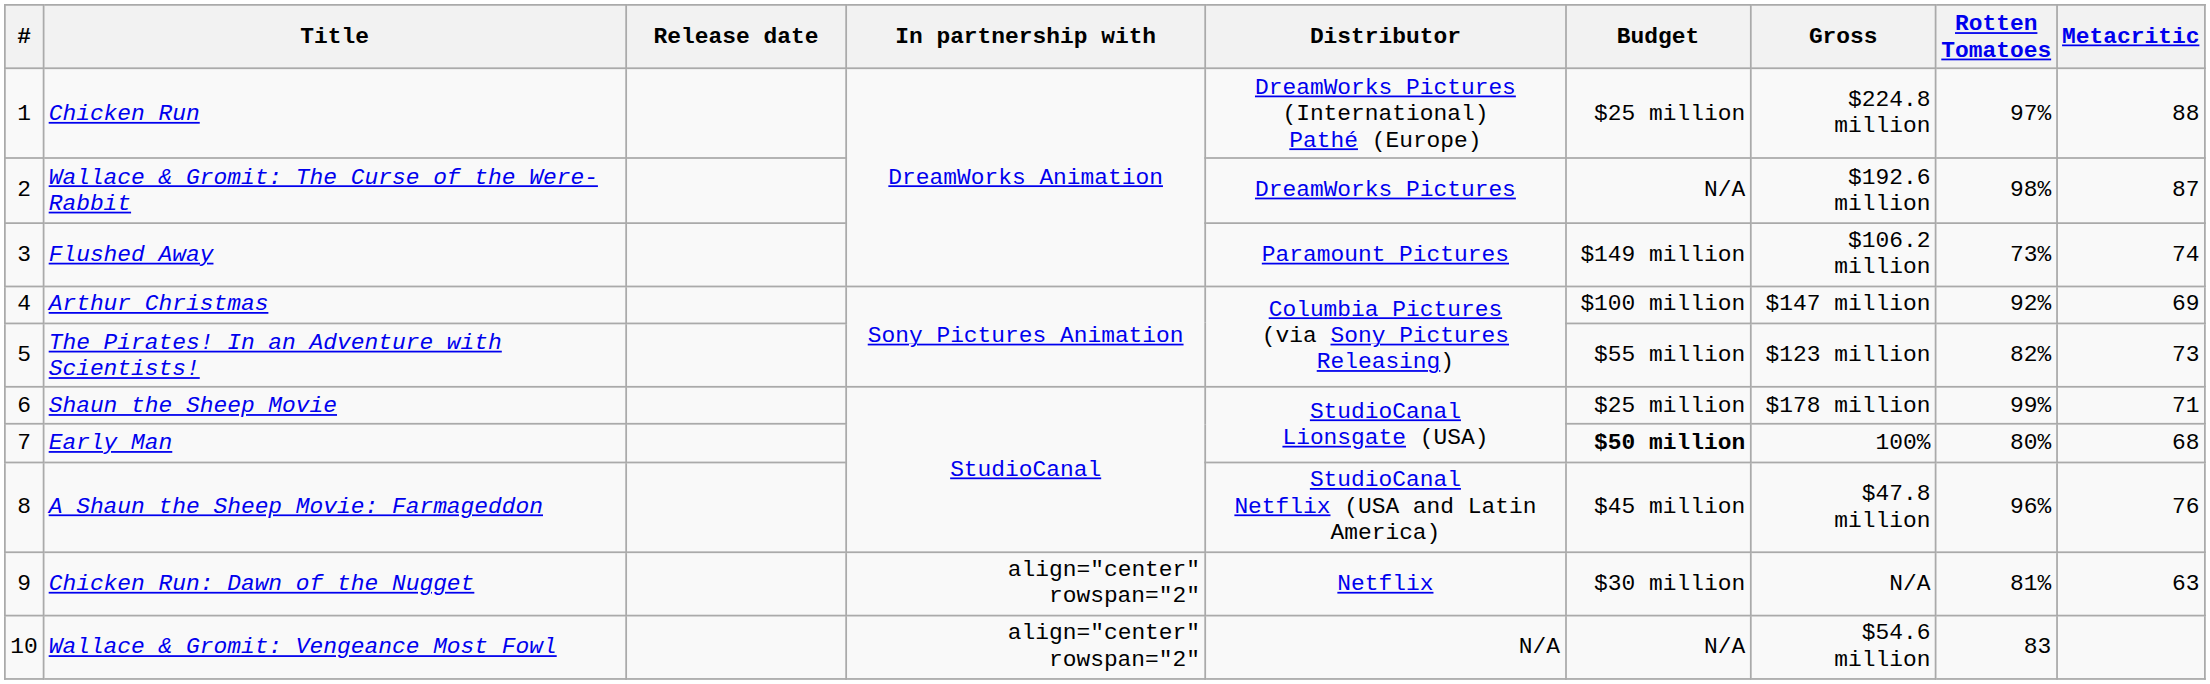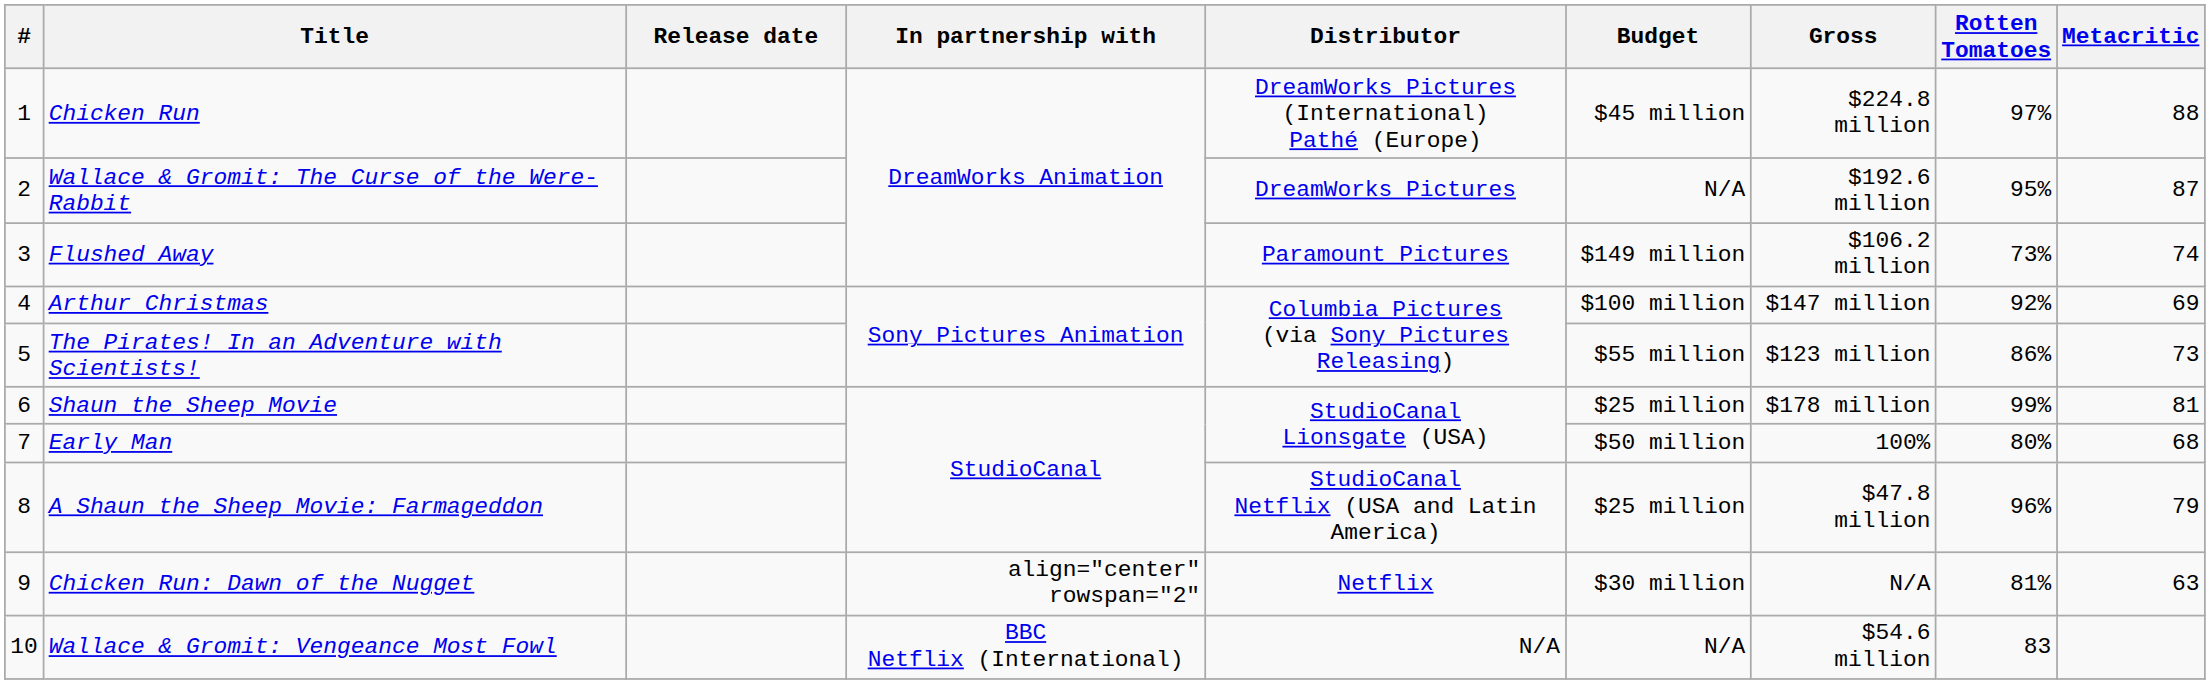 <table class="wikitable sortable" style="text-align: right;">
 <tr>
 <th width=10>#</th>
 <th style="width:330px;">Title</th>
 <th style="width:120px;">Release date</th>
 <th width=200>In partnership with</th>
 <th width=200>Distributor</th>
 <th width=100>Budget</th>
 <th width=100>Gross</th>
 <th width=50><a href='#'>Rotten Tomatoes</a></th>
 <th width=50><a href='#'>Metacritic</a></th>
 </tr>
 <tr>
 <td align="center">1</td>
 <td align="left"><em><a href='#'>Chicken Run</a></em></td>
 <td></td>
 <td rowspan="3" align="center"><a href='#'>DreamWorks Animation</a></td>
 <td align="center"><a href='#'>DreamWorks Pictures</a> (International)<br><a href='#'>Pathé</a> (Europe)</td>
-<td>$25 million</td>
+<td>$45 million</td>
 <td>$224.8 million</td>
 <td>97%</td>
 <td>88</td>
 </tr>
 <tr>
 <td align="center">2</td>
 <td align="left"><em><a href='#'>Wallace & Gromit: The Curse of the Were-Rabbit</a></em></td>
 <td></td>
 <td align="center"><a href='#'>DreamWorks Pictures</a></td>
 <td>N/A</td>
 <td>$192.6 million</td>
-<td>98%</td>
+<td>95%</td>
 <td>87</td>
 </tr>
 <tr>
 <td align="center">3</td>
 <td align="left"><em><a href='#'>Flushed Away</a></em></td>
 <td></td>
 <td align="center"><a href='#'>Paramount Pictures</a></td>
 <td>$149 million</td>
 <td>$106.2 million</td>
 <td>73%</td>
 <td>74</td>
 </tr>
 <tr>
 <td align="center">4</td>
 <td align="left"><em><a href='#'>Arthur Christmas</a></em></td>
 <td></td>
 <td align=center rowspan="2"><a href='#'>Sony Pictures Animation</a></td>
 <td align=center rowspan="2"><a href='#'>Columbia Pictures</a><br>(via <a href='#'>Sony Pictures Releasing</a>)</td>
 <td>$100 million</td>
 <td>$147 million</td>
 <td>92%</td>
 <td>69</td>
 </tr>
 <tr>
 <td align="center">5</td>
 <td align="left"><em><a href='#'>The Pirates! In an Adventure with Scientists!</a></em></td>
 <td></td>
 <td>$55 million</td>
 <td>$123 million</td>
-<td>82%</td>
+<td>86%</td>
 <td>73</td>
 </tr>
 <tr>
 <td align="center">6</td>
 <td align="left"><em><a href='#'>Shaun the Sheep Movie</a></em></td>
 <td></td>
 <td rowspan="3" align="center"><a href='#'>StudioCanal</a></td>
 <td rowspan="2" align="center"><a href='#'>StudioCanal</a><br><a href='#'>Lionsgate</a> (USA)</td>
 <td>$25 million</td>
 <td>$178 million</td>
 <td>99%</td>
-<td>71</td>
+<td>81</td>
 </tr>
 <tr>
 <td align="center">7</td>
 <td align="left"><em><a href='#'>Early Man</a></em></td>
 <td></td>
-<td><strong>$50 million</strong></td>
+<td>$50 million</td>
 <td>100%</td>
 <td>80%</td>
 <td>68</td>
 </tr>
 <tr>
 <td align="center">8</td>
 <td align="left"><em><a href='#'>A Shaun the Sheep Movie: Farmageddon</a></em></td>
 <td></td>
 <td align="center"><a href='#'>StudioCanal</a><br><a href='#'>Netflix</a> (USA and Latin America)</td>
-<td>$45 million</td>
+<td>$25 million</td>
 <td>$47.8 million</td>
 <td>96%</td>
-<td>76</td>
+<td>79</td>
 </tr>
 <tr>
 <td align="center">9</td>
 <td align="left"><em><a href='#'>Chicken Run: Dawn of the Nugget</a></em></td>
 <td></td>
 <td>align="center" rowspan="2" </td>
 <td align="center"><a href='#'>Netflix</a></td>
 <td>$30 million</td>
 <td>N/A</td>
 <td>81%</td>
 <td>63</td>
 </tr>
 <tr>
 <td align="center">10</td>
 <td align="left"><em><a href='#'>Wallace & Gromit: Vengeance Most Fowl</a></em></td>
 <td></td>
-<td>align="center" rowspan="2" </td>
+<td align="center"><a href='#'>BBC</a><br><a href='#'>Netflix</a> (International)</td>
 <td>N/A</td>
 <td>N/A</td>
 <td>$54.6 million</td>
 <td>83</td>
 </tr>
 </table>
